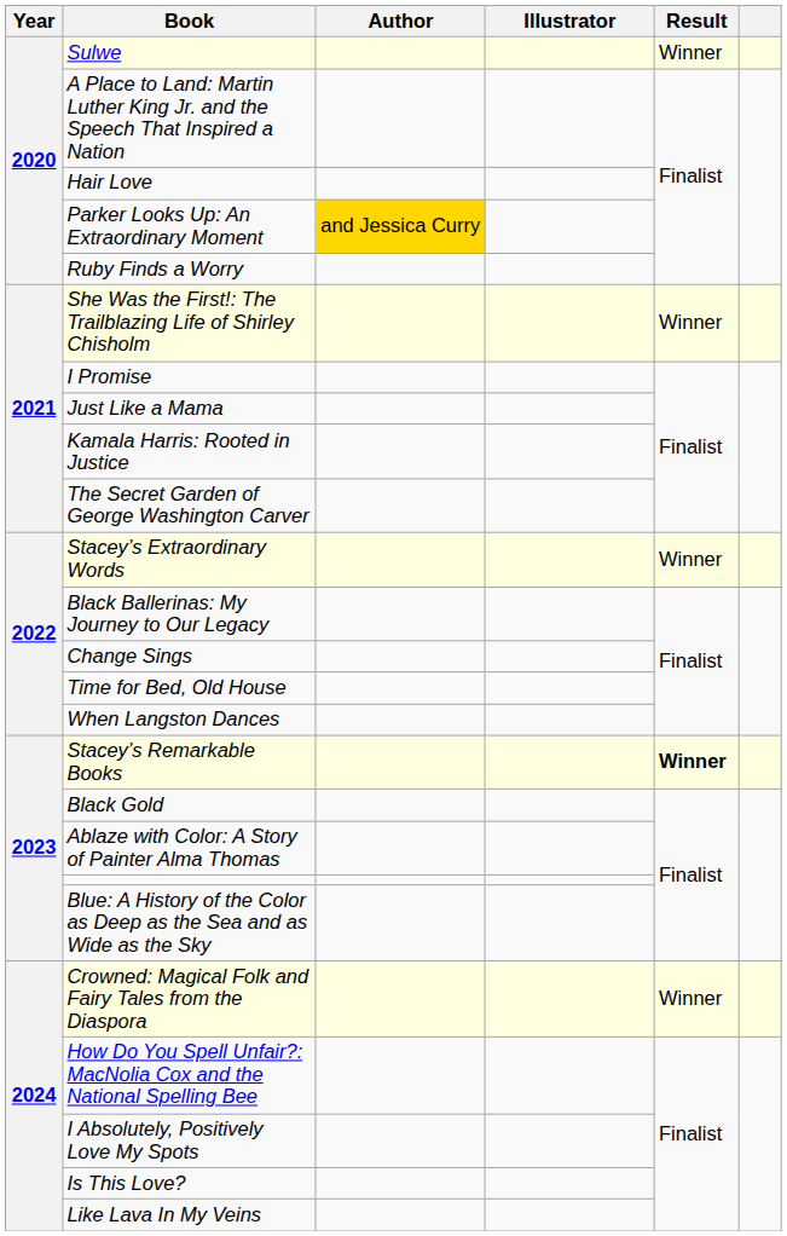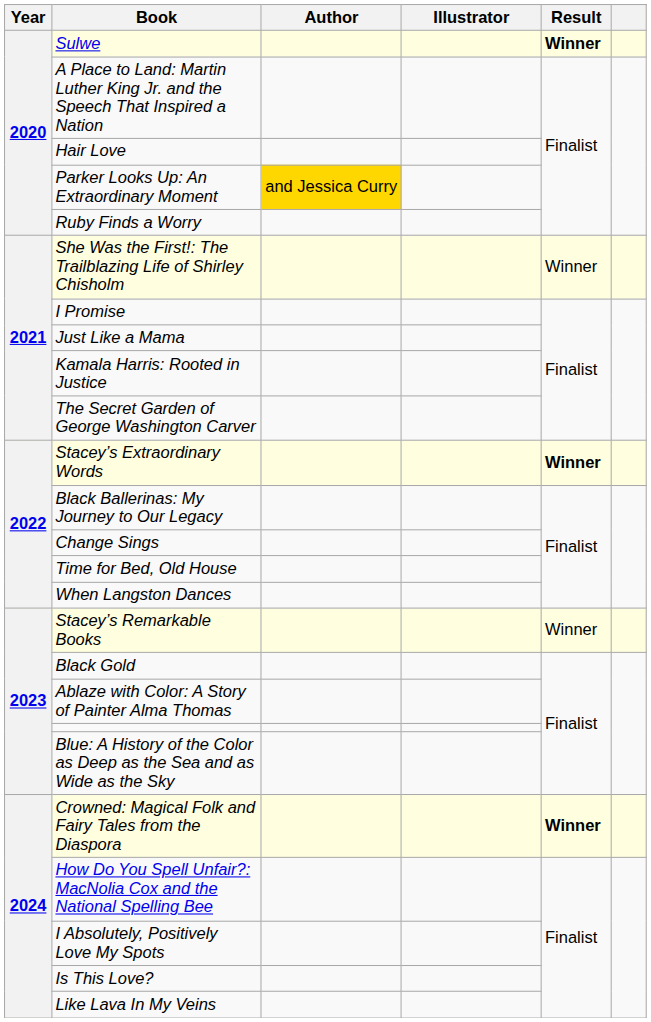 <table class="wikitable sortable mw-collapsible" style="width:100%">
 <tr style="background:lightyellow">
 <th scope="col" style="width:5%;">Year</th>
 <th scope="col" style="width:30%">Book</th>
 <th scope="col" style="width:20%;">Author</th>
 <th scope="col" style="width:20%;">Illustrator</th>
 <th scope="col" width="10%">Result</th>
 <th scope="col" style="width:5%;"></th>
 </tr>
 <tr style="background:lightyellow">
 <th rowspan="5"><a href='#'>2020</a></th>
 <td><em><a href='#'>Sulwe</a></em></td>
 <td></td>
 <td></td>
-<td>Winner</td>
+<td><strong>Winner</strong></td>
 <td></td>
 </tr>
 <tr>
 <td><em>A Place to Land: Martin Luther King Jr. and the Speech That Inspired a Nation</em></td>
 <td></td>
 <td></td>
 <td rowspan="4">Finalist</td>
 <td rowspan="4"></td>
 </tr>
 <tr>
 <td><em>Hair Love</em></td>
 <td></td>
 <td></td>
 </tr>
 <tr>
 <td><em>Parker Looks Up: An Extraordinary Moment</em></td>
 <td style="background: gold;"> and Jessica Curry</td>
 <td></td>
 </tr>
 <tr>
 <td><em>Ruby Finds a Worry</em></td>
 <td></td>
 <td></td>
 </tr>
 <tr style="background:lightyellow">
 <th rowspan="5"><a href='#'>2021</a></th>
 <td><em>She Was the First!: The Trailblazing Life of Shirley Chisholm</em></td>
 <td></td>
 <td></td>
 <td>Winner</td>
 <td></td>
 </tr>
 <tr>
 <td><em>I Promise</em></td>
 <td></td>
 <td></td>
 <td rowspan="4">Finalist</td>
 <td rowspan="4"></td>
 </tr>
 <tr>
 <td><em>Just Like a Mama</em></td>
 <td></td>
 <td></td>
 </tr>
 <tr>
 <td><em>Kamala Harris: Rooted in Justice</em></td>
 <td></td>
 <td></td>
 </tr>
 <tr>
 <td><em>The Secret Garden of George Washington Carver</em></td>
 <td></td>
 <td></td>
 </tr>
 <tr style="background:lightyellow">
 <th rowspan="5"><a href='#'>2022</a></th>
 <td><em>Stacey’s Extraordinary Words</em></td>
 <td></td>
 <td></td>
-<td>Winner</td>
+<td><strong>Winner</strong></td>
 <td></td>
 </tr>
 <tr>
 <td><em>Black Ballerinas: My Journey to Our Legacy</em></td>
 <td></td>
 <td></td>
 <td rowspan="4">Finalist</td>
 <td rowspan="4"></td>
 </tr>
 <tr>
 <td><em>Change Sings</em></td>
 <td></td>
 <td></td>
 </tr>
 <tr>
 <td><em>Time for Bed, Old House</em></td>
 <td></td>
 <td></td>
 </tr>
 <tr>
 <td><em>When Langston Dances</em></td>
 <td></td>
 <td></td>
 </tr>
 <tr style="background:lightyellow">
 <th rowspan="5"><a href='#'>2023</a></th>
 <td><em>Stacey’s Remarkable Books</em></td>
 <td></td>
 <td></td>
-<td><strong>Winner</strong></td>
+<td>Winner</td>
 <td></td>
 </tr>
 <tr>
 <td><em>Black Gold</em></td>
 <td></td>
 <td></td>
 <td rowspan="4">Finalist</td>
 <td rowspan="4"></td>
 </tr>
 <tr>
 <td><em>Ablaze with Color: A Story of Painter Alma Thomas</em></td>
 <td></td>
 <td></td>
 </tr>
 <tr>
 <td></td>
 <td></td>
 <td></td>
 </tr>
 <tr>
 <td><em>Blue: A History of the Color as Deep as the Sea and as Wide as the Sky</em></td>
 <td></td>
 <td></td>
 </tr>
 <tr style="background:lightyellow">
 <th rowspan="5"><a href='#'>2024</a></th>
 <td><em>Crowned: Magical Folk and Fairy Tales from the Diaspora</em></td>
 <td></td>
 <td></td>
-<td>Winner</td>
+<td><strong>Winner</strong></td>
 <td></td>
 </tr>
 <tr>
 <td><em><a href='#'>How Do You Spell Unfair?: MacNolia Cox and the National Spelling Bee</a></em></td>
 <td></td>
 <td></td>
 <td rowspan="4">Finalist</td>
 <td rowspan="4"></td>
 </tr>
 <tr>
 <td><em>I Absolutely, Positively Love My Spots</em></td>
 <td></td>
 <td></td>
 </tr>
 <tr>
 <td><em>Is This Love?</em></td>
 <td></td>
 <td></td>
 </tr>
 <tr>
 <td><em>Like Lava In My Veins</em></td>
 <td></td>
 <td></td>
 </tr>
 </table>
